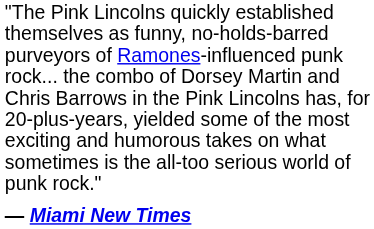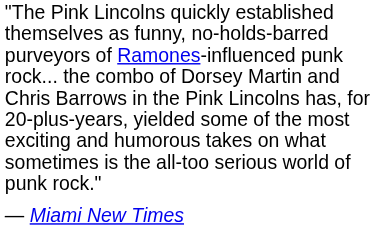 <table class="toccolours" style="float: right; margin-left: 1em; margin-right: 2em; font-size: 85%; background:offwhite; color:black; width:20em; max-width: 40%;" cellspacing="5">
 <tr>
 <td style="text-align: left;">"The Pink Lincolns quickly established themselves as funny, no-holds-barred purveyors of <a href='#'>Ramones</a>-influenced punk rock... the combo of Dorsey Martin and Chris Barrows in the Pink Lincolns has, for 20-plus-years, yielded some of the most exciting and humorous takes on what sometimes is the all-too serious world of punk rock."</td>
 </tr>
 <tr>
-<td style="text-align: left;"><strong>— <em><a href='#'>Miami New Times</a></em></strong></td>
+<td style="text-align: left;">— <em><a href='#'>Miami New Times</a></em></td>
 </tr>
 </table>
